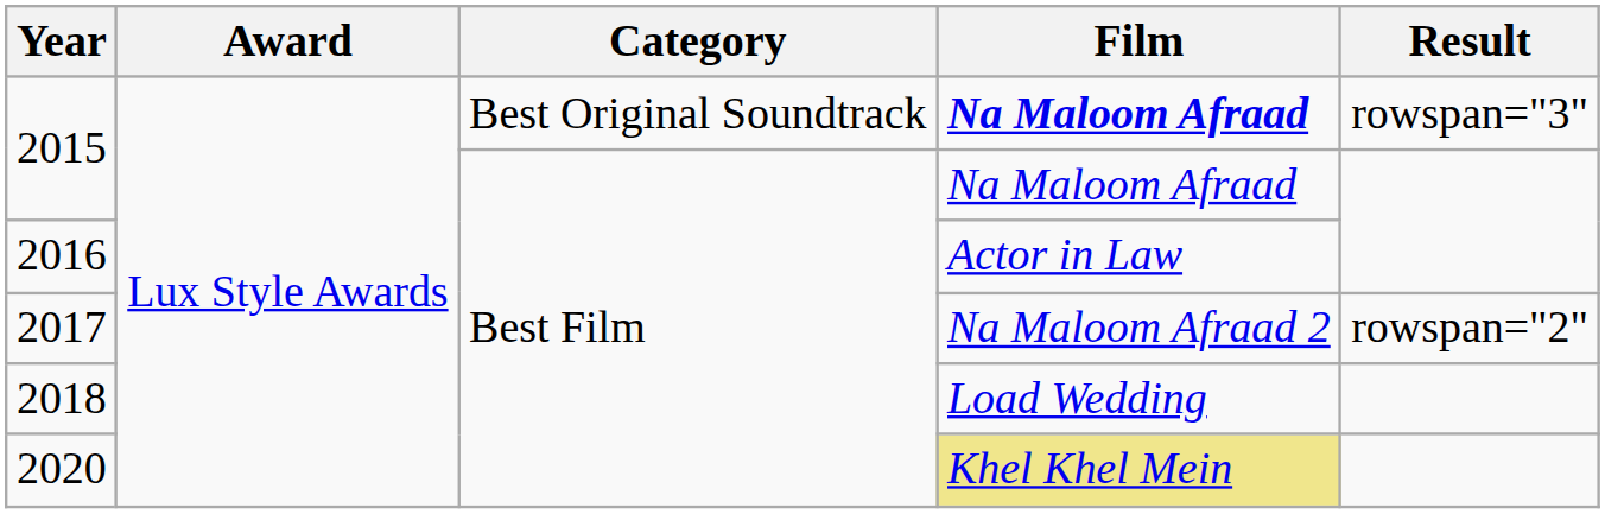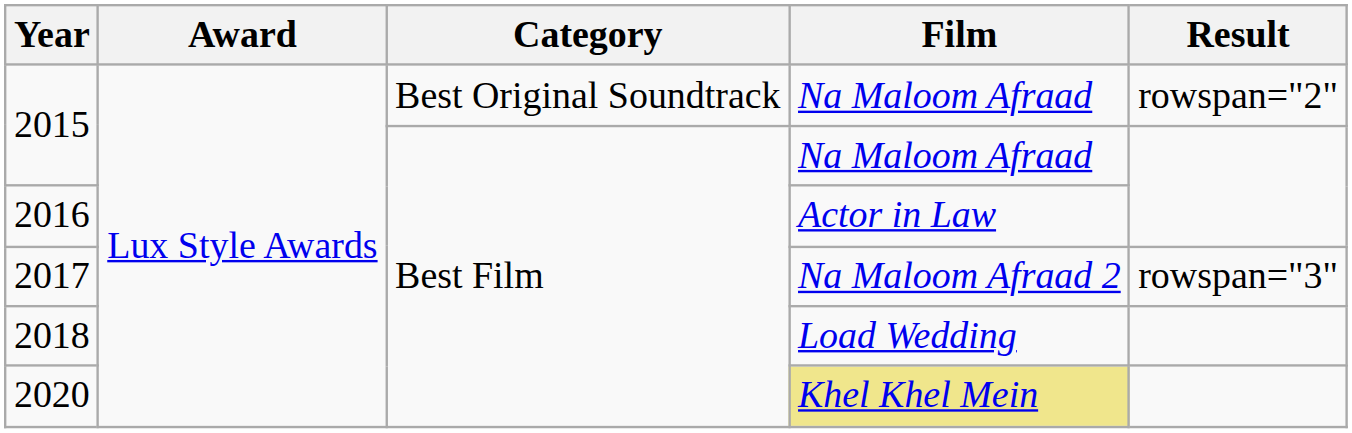 <table class="wikitable">
 <tr>
 <th>Year</th>
 <th>Award</th>
 <th>Category</th>
 <th>Film</th>
 <th>Result</th>
 </tr>
 <tr>
 <td rowspan="2">2015</td>
 <td rowspan="6"><a href='#'>Lux Style Awards</a></td>
 <td>Best Original Soundtrack</td>
-<td><strong><em><a href='#'>Na Maloom Afraad</a></em></strong></td>
-<td>rowspan="3" </td>
+<td><em><a href='#'>Na Maloom Afraad</a></em></td>
+<td>rowspan="2" </td>
 </tr>
 <tr>
 <td rowspan="5">Best Film</td>
 <td><em><a href='#'>Na Maloom Afraad</a></em></td>
 </tr>
 <tr>
 <td>2016</td>
 <td><em><a href='#'>Actor in Law</a></em></td>
 </tr>
 <tr>
 <td>2017</td>
 <td><em><a href='#'>Na Maloom Afraad 2</a></em></td>
-<td>rowspan="2" </td>
+<td>rowspan="3" </td>
 </tr>
 <tr>
 <td>2018</td>
 <td><em><a href='#'>Load Wedding</a></em></td>
 </tr>
 <tr>
 <td>2020</td>
 <td style="background: khaki;"><em><a href='#'>Khel Khel Mein</a></em></td>
 <td></td>
 </tr>
 </table>
